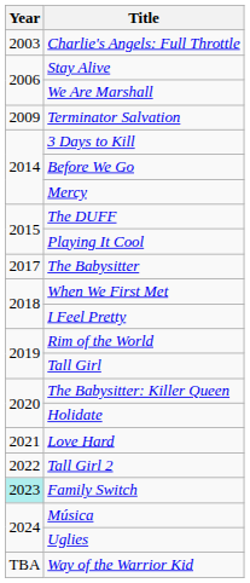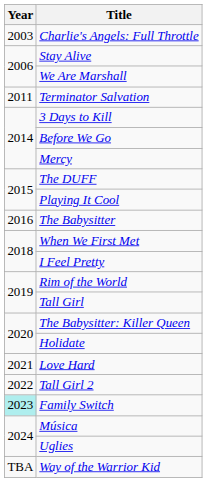 <table class="wikitable">
 <tr>
 <th>Year</th>
 <th>Title</th>
 </tr>
 <tr>
 <td>2003</td>
 <td><em><a href='#'>Charlie's Angels: Full Throttle</a></em></td>
 </tr>
 <tr>
 <td rowspan="2">2006</td>
 <td><em><a href='#'>Stay Alive</a></em></td>
 </tr>
 <tr>
 <td><em><a href='#'>We Are Marshall</a></em></td>
 </tr>
 <tr>
-<td>2009</td>
+<td>2011</td>
 <td><em><a href='#'>Terminator Salvation</a></em></td>
 </tr>
 <tr>
 <td rowspan="3">2014</td>
 <td><em><a href='#'>3 Days to Kill</a></em></td>
 </tr>
 <tr>
 <td><em><a href='#'>Before We Go</a></em></td>
 </tr>
 <tr>
 <td><em><a href='#'>Mercy</a></em></td>
 </tr>
 <tr>
 <td rowspan="2">2015</td>
 <td><em><a href='#'>The DUFF</a></em></td>
 </tr>
 <tr>
 <td><em><a href='#'>Playing It Cool</a></em></td>
 </tr>
 <tr>
-<td>2017</td>
+<td>2016</td>
 <td><em><a href='#'>The Babysitter</a></em></td>
 </tr>
 <tr>
 <td rowspan="2">2018</td>
 <td><em><a href='#'>When We First Met</a></em></td>
 </tr>
 <tr>
 <td><em><a href='#'>I Feel Pretty</a></em></td>
 </tr>
 <tr>
 <td rowspan="2'">2019</td>
 <td><em><a href='#'>Rim of the World</a></em></td>
 </tr>
 <tr>
 <td><em><a href='#'>Tall Girl</a></em></td>
 </tr>
 <tr>
 <td rowspan="2'">2020</td>
 <td><em><a href='#'>The Babysitter: Killer Queen</a></em></td>
 </tr>
 <tr>
 <td><em><a href='#'>Holidate</a></em></td>
 </tr>
 <tr>
 <td>2021</td>
 <td><em><a href='#'>Love Hard</a></em></td>
 </tr>
 <tr>
 <td>2022</td>
 <td><em><a href='#'>Tall Girl 2</a></em></td>
 </tr>
 <tr>
 <td style="background: paleturquoise;">2023</td>
 <td><em><a href='#'>Family Switch</a></em></td>
 </tr>
 <tr>
 <td rowspan="2">2024</td>
 <td><em><a href='#'>Música</a></em></td>
 </tr>
 <tr>
 <td><em><a href='#'>Uglies</a></em></td>
 </tr>
 <tr>
 <td>TBA</td>
 <td><em><a href='#'>Way of the Warrior Kid</a></em></td>
 </tr>
 </table>
